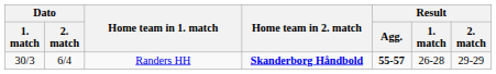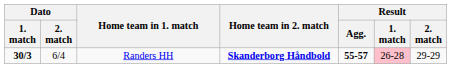 <table class="wikitable" style="text-align:center; margin-left:1em;">
 <tr>
 <th colspan="2">Dato</th>
 <th rowspan="2" style="width:220px;">Home team in 1. match</th>
 <th rowspan="2" style="width:180px;">Home team in 2. match</th>
 <th colspan="3">Result</th>
 </tr>
 <tr>
 <th style="width:50px;">1. match</th>
 <th style="width:50px;">2. match</th>
 <th style="width:50px;">Agg.</th>
 <th style="width:50px;">1. match</th>
 <th style="width:50px;">2. match</th>
 </tr>
 <tr>
-<td>30/3</td>
+<td><strong>30/3</strong></td>
 <td>6/4</td>
 <td><a href='#'>Randers HH</a></td>
 <td><strong><a href='#'>Skanderborg Håndbold</a></strong></td>
 <td><strong>55-57</strong></td>
-<td>26-28</td>
+<td style="background: pink;">26-28</td>
 <td>29-29</td>
 </tr>
 </table>
